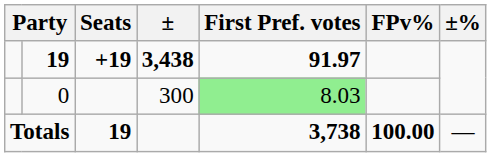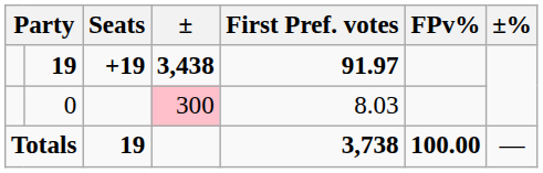 <table class=wikitable>
 <tr>
 <th colspan=2 align=center>Party</th>
 <th valign=top>Seats</th>
 <th valign=top>±</th>
 <th valign=top>First Pref. votes</th>
 <th valign=top>FPv%</th>
 <th valign=top>±%</th>
 </tr>
 <tr>
 <td></td>
 <td align=right><strong>19</strong></td>
 <td align=right><strong>+19</strong></td>
 <td align=right><strong>3,438</strong></td>
 <td align=right><strong>91.97</strong></td>
 <td align=right></td>
 </tr>
 <tr>
 <td></td>
 <td align=right>0</td>
 <td align=right></td>
-<td align=right>300</td>
-<td align=right style="background: lightgreen;">8.03</td>
+<td align=right style="background: pink;">300</td>
+<td align=right>8.03</td>
 <td align=right></td>
 </tr>
 <tr>
 <td colspan=2 align=center><strong>Totals</strong></td>
 <td align=right><strong>19</strong></td>
 <td align=center></td>
 <td align=right><strong>3,738</strong></td>
 <td align=center><strong>100.00</strong></td>
 <td align=center>—</td>
 </tr>
 </table>
